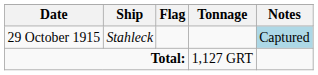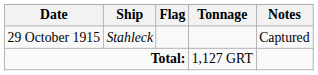 <table class=wikitable>
 <tr>
 </tr>
 <tr>
 <th>Date</th>
 <th>Ship</th>
 <th>Flag</th>
 <th>Tonnage</th>
 <th>Notes</th>
 </tr>
 <tr>
 <td>29 October 1915</td>
 <td><em>Stahleck</em></td>
 <td></td>
 <td></td>
-<td style="background: lightblue;">Captured</td>
+<td>Captured</td>
 </tr>
 <tr>
 <td colspan="3" style="text-align:right;"><strong>Total:</strong></td>
 <td>1,127 GRT</td>
 <td></td>
 </tr>
 </table>
